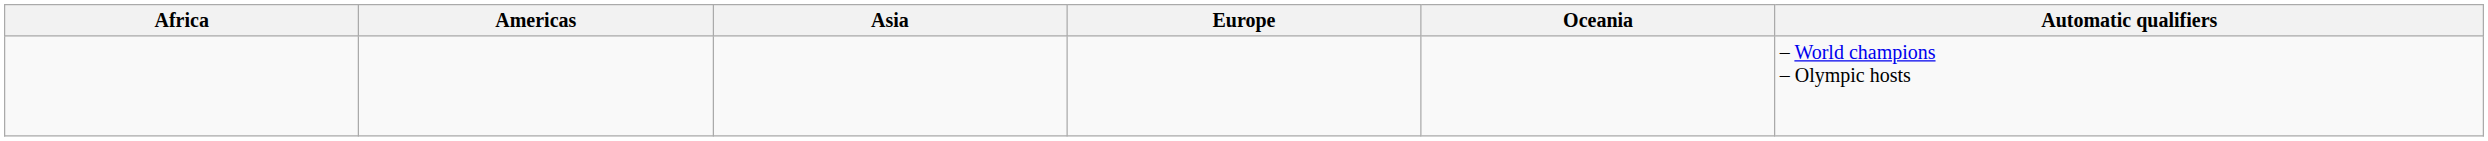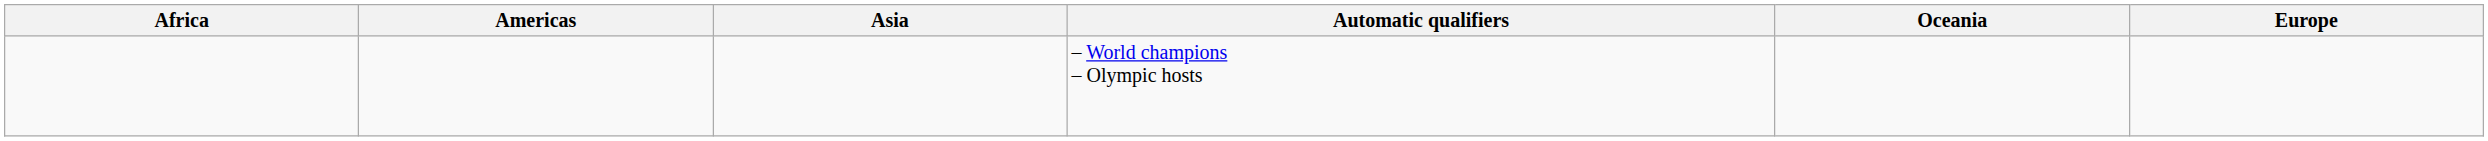 <table class=wikitable width=100% valign=top>
 <tr>
 <th width=13%>Africa</th>
 <th width=13%>Americas</th>
 <th width=13%>Asia</th>
+<th width=26%>Automatic qualifiers</th>
+<th width=13%>Oceania</th>
 <th width=13%>Europe</th>
-<th width=13%>Oceania</th>
-<th width=26%>Automatic qualifiers</th>
 </tr>
 <tr valign=top>
 <td></td>
 <td><br> <em></em></td>
 <td></td>
+<td> – <a href='#'>World champions</a><br> – Olympic hosts</td>
+<td></td>
 <td> <br> <em></em> <br> <em></em> <br> <em></em> <br> <em></em></td>
-<td></td>
-<td> – <a href='#'>World champions</a><br> – Olympic hosts</td>
 </tr>
 </table>
